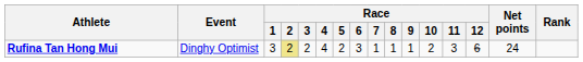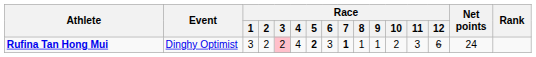 <table class="wikitable" width="84%" style="text-align:center; font-size:90%">
 <tr>
 <th rowspan="2" width="20%">Athlete</th>
 <th rowspan="2" width="10%">Event</th>
 <th colspan="12" width="48%">Race</th>
 <th rowspan="2" width="3%">Net points</th>
 <th rowspan="2" width="3%">Rank</th>
 </tr>
 <tr>
 <th width="2%">1</th>
 <th width="2%">2</th>
 <th width="2%">3</th>
 <th width="2%">4</th>
 <th width="2%">5</th>
 <th width="2%">6</th>
 <th width="2%">7</th>
 <th width="2%">8</th>
 <th width="2%">9</th>
 <th width="2%">10</th>
 <th width="2%">11</th>
 <th width="2%">12</th>
 </tr>
 <tr>
 <td align="left"><strong><a href='#'>Rufina Tan Hong Mui</a></strong></td>
 <td align="left"><a href='#'>Dinghy Optimist</a></td>
 <td>3</td>
-<td style="background: khaki;">2</td>
 <td>2</td>
+<td style="background: pink;">2</td>
 <td>4</td>
-<td>2</td>
+<td><strong>2</strong></td>
 <td>3</td>
-<td>1</td>
+<td><strong>1</strong></td>
 <td>1</td>
 <td>1</td>
 <td>2</td>
 <td>3</td>
 <td><s>6</s></td>
 <td>24</td>
 <td></td>
 </tr>
 </table>
